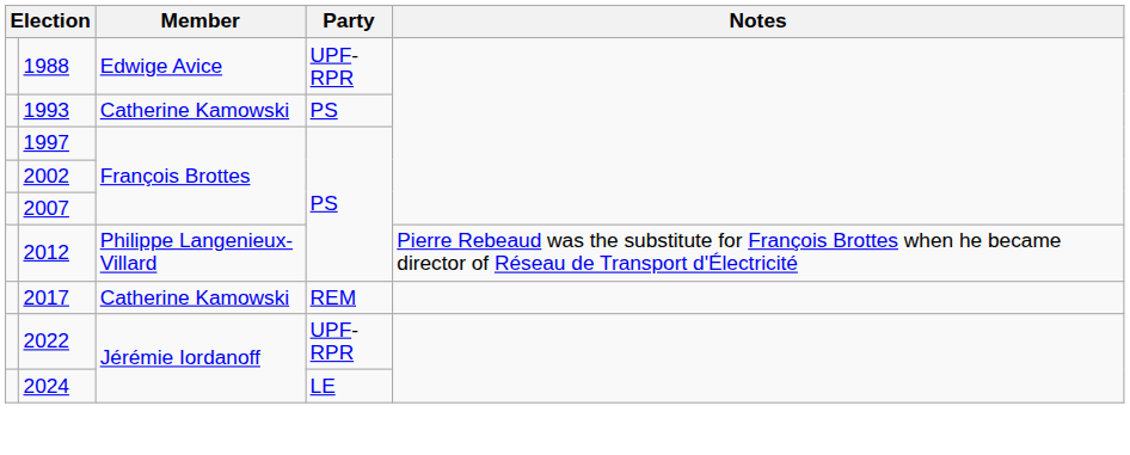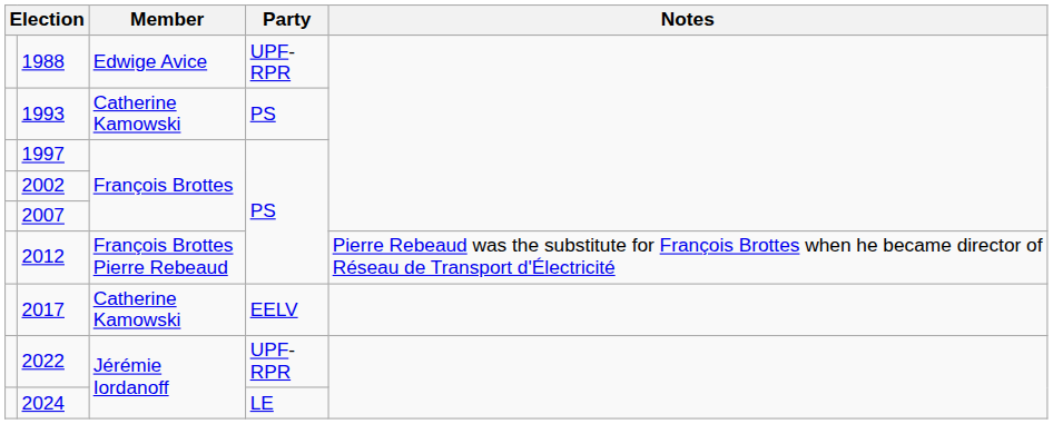 <table class="wikitable">
 <tr>
 <th colspan="2">Election</th>
 <th>Member</th>
 <th>Party</th>
 <th>Notes</th>
 </tr>
 <tr>
 <td style="color:inherit;background-color:"></td>
 <td><a href='#'>1988</a></td>
 <td><a href='#'>Edwige Avice</a></td>
 <td><a href='#'>UPF</a>-<a href='#'>RPR</a></td>
 </tr>
 <tr>
 <td style="color:inherit;background-color:"></td>
 <td><a href='#'>1993</a></td>
 <td><a href='#'>Catherine Kamowski</a></td>
 <td><a href='#'>PS</a></td>
 </tr>
 <tr>
 <td style="color:inherit;background-color:"></td>
 <td><a href='#'>1997</a></td>
 <td rowspan="3"><a href='#'>François Brottes</a><br> </td>
 <td rowspan="4"><a href='#'>PS</a></td>
 </tr>
 <tr>
 <td style="color:inherit;background-color:"></td>
 <td><a href='#'>2002</a></td>
 </tr>
 <tr>
 <td style="color:inherit;background-color:"></td>
 <td><a href='#'>2007</a></td>
 </tr>
 <tr>
 <td style="color:inherit;background-color:"></td>
 <td><a href='#'>2012</a></td>
-<td><a href='#'>Philippe Langenieux-Villard</a></td>
+<td><a href='#'>François Brottes</a><br><a href='#'>Pierre Rebeaud</a></td>
 <td><a href='#'>Pierre Rebeaud</a> was the substitute for <a href='#'>François Brottes</a> when he became director of <a href='#'>Réseau de Transport d'Électricité</a></td>
 </tr>
 <tr>
 <td style="color:inherit;background-color: "></td>
 <td><a href='#'>2017</a></td>
 <td><a href='#'>Catherine Kamowski</a></td>
-<td><a href='#'>REM</a></td>
+<td><a href='#'>EELV</a></td>
 <td></td>
 </tr>
 <tr>
 <td style="color:inherit;background-color: "></td>
 <td><a href='#'>2022</a></td>
 <td rowspan="2"><a href='#'>Jérémie Iordanoff</a></td>
 <td><a href='#'>UPF</a>-<a href='#'>RPR</a></td>
 </tr>
 <tr>
 <td style="color:inherit;background-color: "></td>
 <td><a href='#'>2024</a></td>
 <td><a href='#'>LE</a></td>
 </tr>
 </table>
